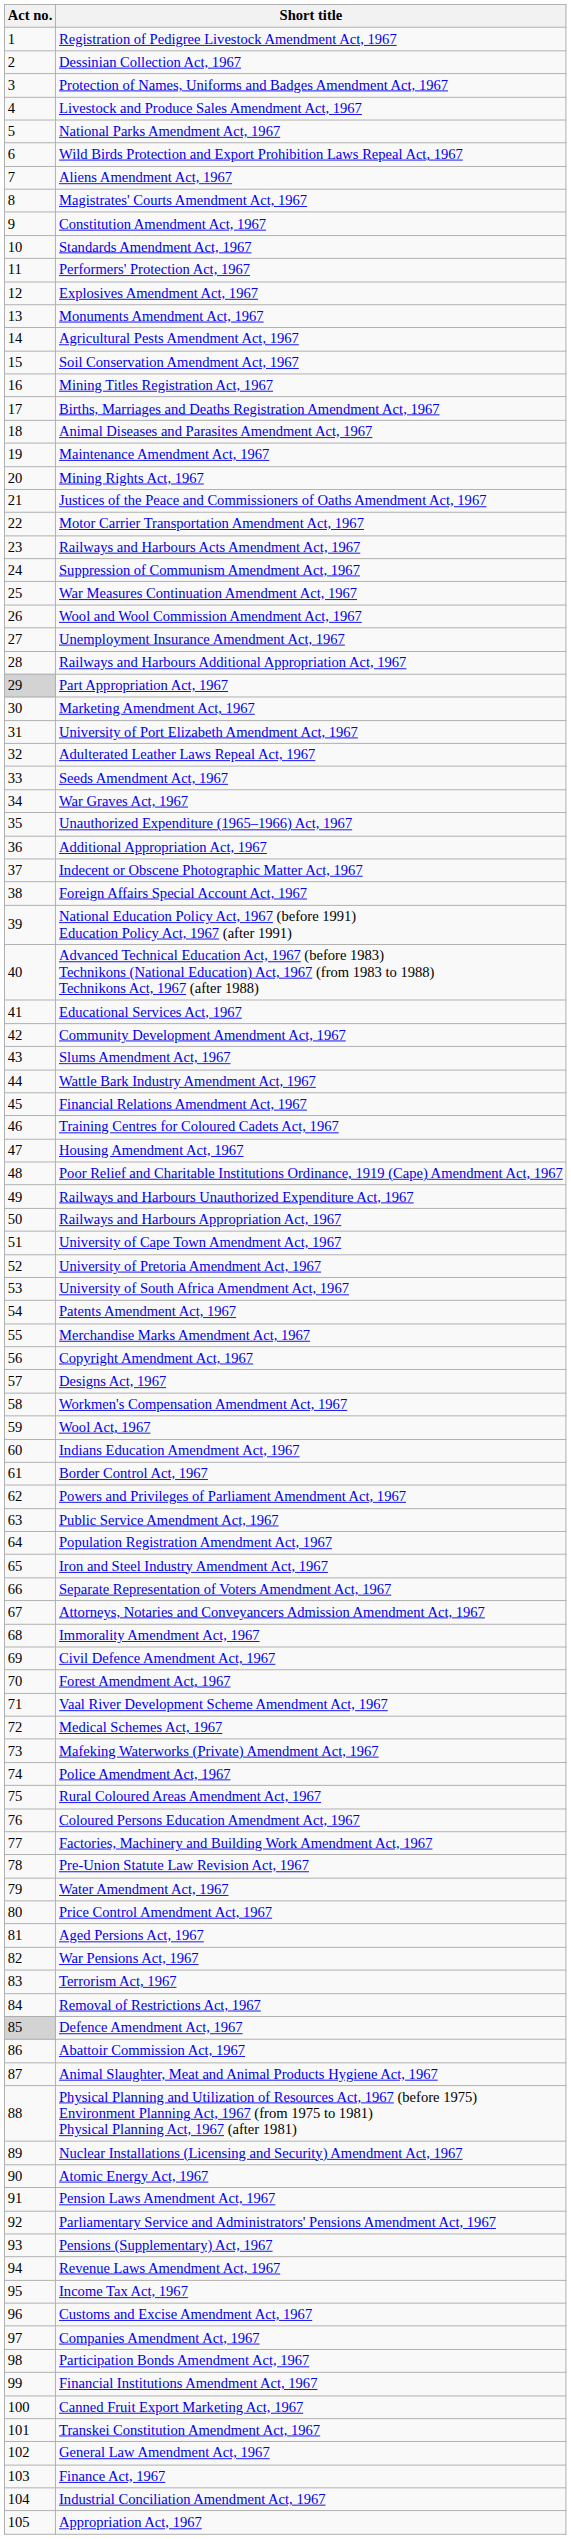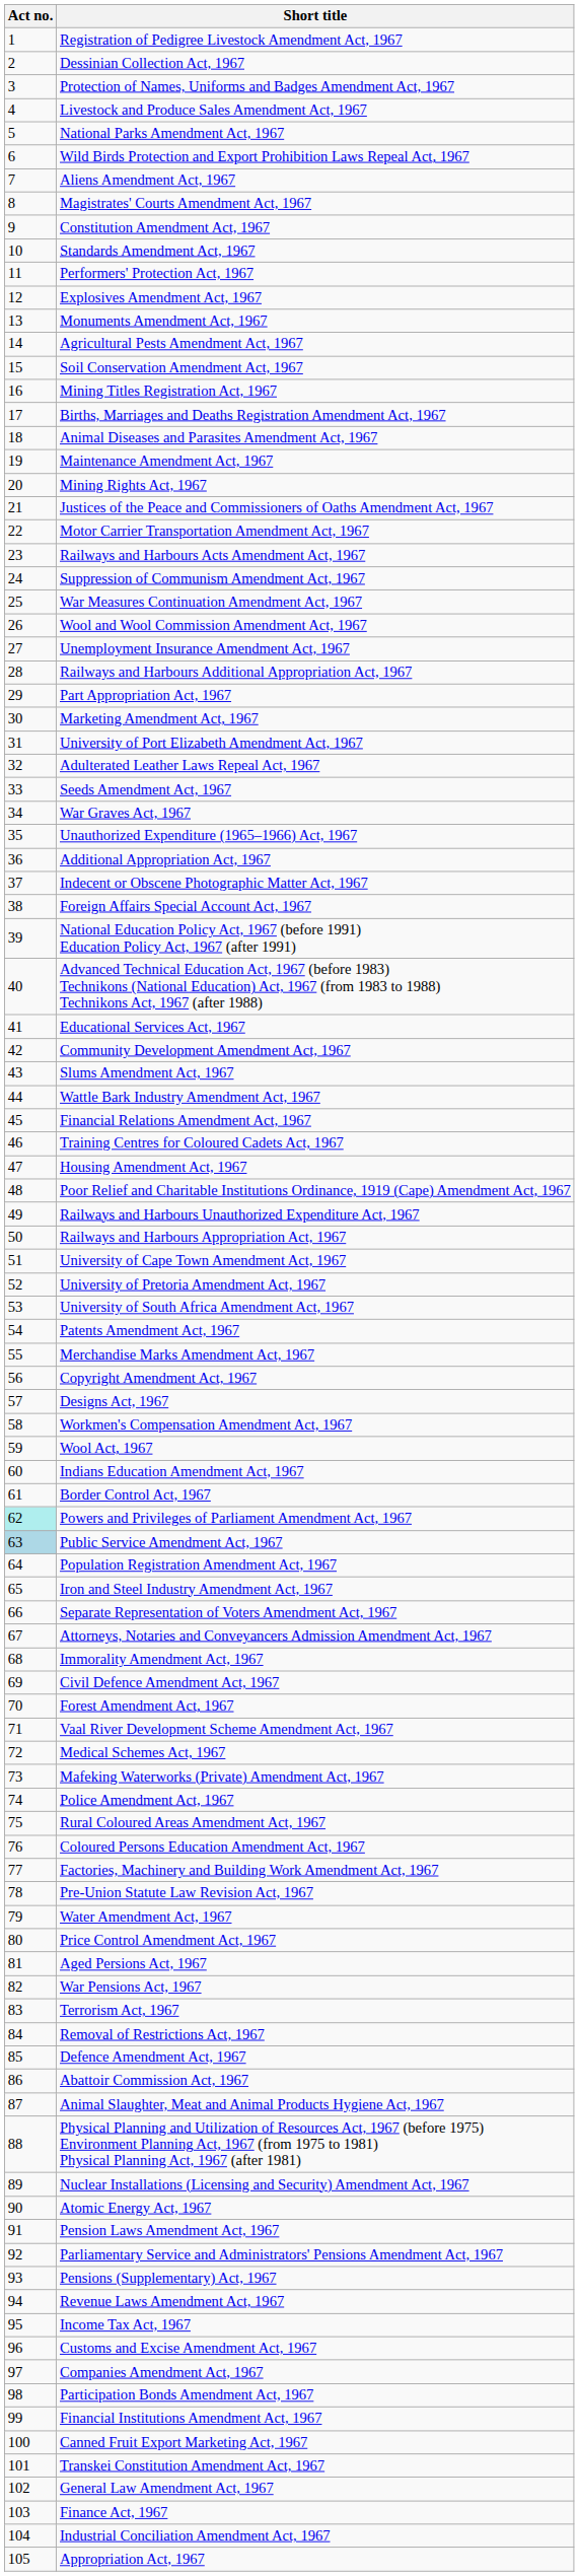 <table class="wikitable sortable">
 <tr>
 <th>Act no.</th>
 <th>Short title</th>
 </tr>
 <tr>
 <td>1</td>
 <td><a href='#'>Registration of Pedigree Livestock Amendment Act, 1967</a></td>
 </tr>
 <tr>
 <td>2</td>
 <td><a href='#'>Dessinian Collection Act, 1967</a></td>
 </tr>
 <tr>
 <td>3</td>
 <td><a href='#'>Protection of Names, Uniforms and Badges Amendment Act, 1967</a></td>
 </tr>
 <tr>
 <td>4</td>
 <td><a href='#'>Livestock and Produce Sales Amendment Act, 1967</a></td>
 </tr>
 <tr>
 <td>5</td>
 <td><a href='#'>National Parks Amendment Act, 1967</a></td>
 </tr>
 <tr>
 <td>6</td>
 <td><a href='#'>Wild Birds Protection and Export Prohibition Laws Repeal Act, 1967</a></td>
 </tr>
 <tr>
 <td>7</td>
 <td><a href='#'>Aliens Amendment Act, 1967</a></td>
 </tr>
 <tr>
 <td>8</td>
 <td><a href='#'>Magistrates' Courts Amendment Act, 1967</a></td>
 </tr>
 <tr>
 <td>9</td>
 <td><a href='#'>Constitution Amendment Act, 1967</a></td>
 </tr>
 <tr>
 <td>10</td>
 <td><a href='#'>Standards Amendment Act, 1967</a></td>
 </tr>
 <tr>
 <td>11</td>
 <td><a href='#'>Performers' Protection Act, 1967</a></td>
 </tr>
 <tr>
 <td>12</td>
 <td><a href='#'>Explosives Amendment Act, 1967</a></td>
 </tr>
 <tr>
 <td>13</td>
 <td><a href='#'>Monuments Amendment Act, 1967</a></td>
 </tr>
 <tr>
 <td>14</td>
 <td><a href='#'>Agricultural Pests Amendment Act, 1967</a></td>
 </tr>
 <tr>
 <td>15</td>
 <td><a href='#'>Soil Conservation Amendment Act, 1967</a></td>
 </tr>
 <tr>
 <td>16</td>
 <td><a href='#'>Mining Titles Registration Act, 1967</a></td>
 </tr>
 <tr>
 <td>17</td>
 <td><a href='#'>Births, Marriages and Deaths Registration Amendment Act, 1967</a></td>
 </tr>
 <tr>
 <td>18</td>
 <td><a href='#'>Animal Diseases and Parasites Amendment Act, 1967</a></td>
 </tr>
 <tr>
 <td>19</td>
 <td><a href='#'>Maintenance Amendment Act, 1967</a></td>
 </tr>
 <tr>
 <td>20</td>
 <td><a href='#'>Mining Rights Act, 1967</a></td>
 </tr>
 <tr>
 <td>21</td>
 <td><a href='#'>Justices of the Peace and Commissioners of Oaths Amendment Act, 1967</a></td>
 </tr>
 <tr>
 <td>22</td>
 <td><a href='#'>Motor Carrier Transportation Amendment Act, 1967</a></td>
 </tr>
 <tr>
 <td>23</td>
 <td><a href='#'>Railways and Harbours Acts Amendment Act, 1967</a></td>
 </tr>
 <tr>
 <td>24</td>
 <td><a href='#'>Suppression of Communism Amendment Act, 1967</a></td>
 </tr>
 <tr>
 <td>25</td>
 <td><a href='#'>War Measures Continuation Amendment Act, 1967</a></td>
 </tr>
 <tr>
 <td>26</td>
 <td><a href='#'>Wool and Wool Commission Amendment Act, 1967</a></td>
 </tr>
 <tr>
 <td>27</td>
 <td><a href='#'>Unemployment Insurance Amendment Act, 1967</a></td>
 </tr>
 <tr>
 <td>28</td>
 <td><a href='#'>Railways and Harbours Additional Appropriation Act, 1967</a></td>
 </tr>
 <tr>
-<td style="background: lightgrey;">29</td>
+<td>29</td>
 <td><a href='#'>Part Appropriation Act, 1967</a></td>
 </tr>
 <tr>
 <td>30</td>
 <td><a href='#'>Marketing Amendment Act, 1967</a></td>
 </tr>
 <tr>
 <td>31</td>
 <td><a href='#'>University of Port Elizabeth Amendment Act, 1967</a></td>
 </tr>
 <tr>
 <td>32</td>
 <td><a href='#'>Adulterated Leather Laws Repeal Act, 1967</a></td>
 </tr>
 <tr>
 <td>33</td>
 <td><a href='#'>Seeds Amendment Act, 1967</a></td>
 </tr>
 <tr>
 <td>34</td>
 <td><a href='#'>War Graves Act, 1967</a></td>
 </tr>
 <tr>
 <td>35</td>
 <td><a href='#'>Unauthorized Expenditure (1965–1966) Act, 1967</a></td>
 </tr>
 <tr>
 <td>36</td>
 <td><a href='#'>Additional Appropriation Act, 1967</a></td>
 </tr>
 <tr>
 <td>37</td>
 <td><a href='#'>Indecent or Obscene Photographic Matter Act, 1967</a></td>
 </tr>
 <tr>
 <td>38</td>
 <td><a href='#'>Foreign Affairs Special Account Act, 1967</a></td>
 </tr>
 <tr>
 <td>39</td>
 <td><a href='#'>National Education Policy Act, 1967</a> (before 1991) <br><a href='#'>Education Policy Act, 1967</a> (after 1991)</td>
 </tr>
 <tr>
 <td>40</td>
 <td><a href='#'>Advanced Technical Education Act, 1967</a> (before 1983) <br><a href='#'>Technikons (National Education) Act, 1967</a> (from 1983 to 1988) <br><a href='#'>Technikons Act, 1967</a> (after 1988)</td>
 </tr>
 <tr>
 <td>41</td>
 <td><a href='#'>Educational Services Act, 1967</a></td>
 </tr>
 <tr>
 <td>42</td>
 <td><a href='#'>Community Development Amendment Act, 1967</a></td>
 </tr>
 <tr>
 <td>43</td>
 <td><a href='#'>Slums Amendment Act, 1967</a></td>
 </tr>
 <tr>
 <td>44</td>
 <td><a href='#'>Wattle Bark Industry Amendment Act, 1967</a></td>
 </tr>
 <tr>
 <td>45</td>
 <td><a href='#'>Financial Relations Amendment Act, 1967</a></td>
 </tr>
 <tr>
 <td>46</td>
 <td><a href='#'>Training Centres for Coloured Cadets Act, 1967</a></td>
 </tr>
 <tr>
 <td>47</td>
 <td><a href='#'>Housing Amendment Act, 1967</a></td>
 </tr>
 <tr>
 <td>48</td>
 <td><a href='#'>Poor Relief and Charitable Institutions Ordinance, 1919 (Cape) Amendment Act, 1967</a></td>
 </tr>
 <tr>
 <td>49</td>
 <td><a href='#'>Railways and Harbours Unauthorized Expenditure Act, 1967</a></td>
 </tr>
 <tr>
 <td>50</td>
 <td><a href='#'>Railways and Harbours Appropriation Act, 1967</a></td>
 </tr>
 <tr>
 <td>51</td>
 <td><a href='#'>University of Cape Town Amendment Act, 1967</a></td>
 </tr>
 <tr>
 <td>52</td>
 <td><a href='#'>University of Pretoria Amendment Act, 1967</a></td>
 </tr>
 <tr>
 <td>53</td>
 <td><a href='#'>University of South Africa Amendment Act, 1967</a></td>
 </tr>
 <tr>
 <td>54</td>
 <td><a href='#'>Patents Amendment Act, 1967</a></td>
 </tr>
 <tr>
 <td>55</td>
 <td><a href='#'>Merchandise Marks Amendment Act, 1967</a></td>
 </tr>
 <tr>
 <td>56</td>
 <td><a href='#'>Copyright Amendment Act, 1967</a></td>
 </tr>
 <tr>
 <td>57</td>
 <td><a href='#'>Designs Act, 1967</a></td>
 </tr>
 <tr>
 <td>58</td>
 <td><a href='#'>Workmen's Compensation Amendment Act, 1967</a></td>
 </tr>
 <tr>
 <td>59</td>
 <td><a href='#'>Wool Act, 1967</a></td>
 </tr>
 <tr>
 <td>60</td>
 <td><a href='#'>Indians Education Amendment Act, 1967</a></td>
 </tr>
 <tr>
 <td>61</td>
 <td><a href='#'>Border Control Act, 1967</a></td>
 </tr>
 <tr>
-<td>62</td>
+<td style="background: paleturquoise;">62</td>
 <td><a href='#'>Powers and Privileges of Parliament Amendment Act, 1967</a></td>
 </tr>
 <tr>
-<td>63</td>
+<td style="background: lightblue;">63</td>
 <td><a href='#'>Public Service Amendment Act, 1967</a></td>
 </tr>
 <tr>
 <td>64</td>
 <td><a href='#'>Population Registration Amendment Act, 1967</a></td>
 </tr>
 <tr>
 <td>65</td>
 <td><a href='#'>Iron and Steel Industry Amendment Act, 1967</a></td>
 </tr>
 <tr>
 <td>66</td>
 <td><a href='#'>Separate Representation of Voters Amendment Act, 1967</a></td>
 </tr>
 <tr>
 <td>67</td>
 <td><a href='#'>Attorneys, Notaries and Conveyancers Admission Amendment Act, 1967</a></td>
 </tr>
 <tr>
 <td>68</td>
 <td><a href='#'>Immorality Amendment Act, 1967</a></td>
 </tr>
 <tr>
 <td>69</td>
 <td><a href='#'>Civil Defence Amendment Act, 1967</a></td>
 </tr>
 <tr>
 <td>70</td>
 <td><a href='#'>Forest Amendment Act, 1967</a></td>
 </tr>
 <tr>
 <td>71</td>
 <td><a href='#'>Vaal River Development Scheme Amendment Act, 1967</a></td>
 </tr>
 <tr>
 <td>72</td>
 <td><a href='#'>Medical Schemes Act, 1967</a></td>
 </tr>
 <tr>
 <td>73</td>
 <td><a href='#'>Mafeking Waterworks (Private) Amendment Act, 1967</a></td>
 </tr>
 <tr>
 <td>74</td>
 <td><a href='#'>Police Amendment Act, 1967</a></td>
 </tr>
 <tr>
 <td>75</td>
 <td><a href='#'>Rural Coloured Areas Amendment Act, 1967</a></td>
 </tr>
 <tr>
 <td>76</td>
 <td><a href='#'>Coloured Persons Education Amendment Act, 1967</a></td>
 </tr>
 <tr>
 <td>77</td>
 <td><a href='#'>Factories, Machinery and Building Work Amendment Act, 1967</a></td>
 </tr>
 <tr>
 <td>78</td>
 <td><a href='#'>Pre-Union Statute Law Revision Act, 1967</a></td>
 </tr>
 <tr>
 <td>79</td>
 <td><a href='#'>Water Amendment Act, 1967</a></td>
 </tr>
 <tr>
 <td>80</td>
 <td><a href='#'>Price Control Amendment Act, 1967</a></td>
 </tr>
 <tr>
 <td>81</td>
 <td><a href='#'>Aged Persions Act, 1967</a></td>
 </tr>
 <tr>
 <td>82</td>
 <td><a href='#'>War Pensions Act, 1967</a></td>
 </tr>
 <tr>
 <td>83</td>
 <td><a href='#'>Terrorism Act, 1967</a></td>
 </tr>
 <tr>
 <td>84</td>
 <td><a href='#'>Removal of Restrictions Act, 1967</a></td>
 </tr>
 <tr>
-<td style="background: lightgrey;">85</td>
+<td>85</td>
 <td><a href='#'>Defence Amendment Act, 1967</a></td>
 </tr>
 <tr>
 <td>86</td>
 <td><a href='#'>Abattoir Commission Act, 1967</a></td>
 </tr>
 <tr>
 <td>87</td>
 <td><a href='#'>Animal Slaughter, Meat and Animal Products Hygiene Act, 1967</a></td>
 </tr>
 <tr>
 <td>88</td>
 <td><a href='#'>Physical Planning and Utilization of Resources Act, 1967</a> (before 1975) <br><a href='#'>Environment Planning Act, 1967</a> (from 1975 to 1981) <br><a href='#'>Physical Planning Act, 1967</a> (after 1981)</td>
 </tr>
 <tr>
 <td>89</td>
 <td><a href='#'>Nuclear Installations (Licensing and Security) Amendment Act, 1967</a></td>
 </tr>
 <tr>
 <td>90</td>
 <td><a href='#'>Atomic Energy Act, 1967</a></td>
 </tr>
 <tr>
 <td>91</td>
 <td><a href='#'>Pension Laws Amendment Act, 1967</a></td>
 </tr>
 <tr>
 <td>92</td>
 <td><a href='#'>Parliamentary Service and Administrators' Pensions Amendment Act, 1967</a></td>
 </tr>
 <tr>
 <td>93</td>
 <td><a href='#'>Pensions (Supplementary) Act, 1967</a></td>
 </tr>
 <tr>
 <td>94</td>
 <td><a href='#'>Revenue Laws Amendment Act, 1967</a></td>
 </tr>
 <tr>
 <td>95</td>
 <td><a href='#'>Income Tax Act, 1967</a></td>
 </tr>
 <tr>
 <td>96</td>
 <td><a href='#'>Customs and Excise Amendment Act, 1967</a></td>
 </tr>
 <tr>
 <td>97</td>
 <td><a href='#'>Companies Amendment Act, 1967</a></td>
 </tr>
 <tr>
 <td>98</td>
 <td><a href='#'>Participation Bonds Amendment Act, 1967</a></td>
 </tr>
 <tr>
 <td>99</td>
 <td><a href='#'>Financial Institutions Amendment Act, 1967</a></td>
 </tr>
 <tr>
 <td>100</td>
 <td><a href='#'>Canned Fruit Export Marketing Act, 1967</a></td>
 </tr>
 <tr>
 <td>101</td>
 <td><a href='#'>Transkei Constitution Amendment Act, 1967</a></td>
 </tr>
 <tr>
 <td>102</td>
 <td><a href='#'>General Law Amendment Act, 1967</a></td>
 </tr>
 <tr>
 <td>103</td>
 <td><a href='#'>Finance Act, 1967</a></td>
 </tr>
 <tr>
 <td>104</td>
 <td><a href='#'>Industrial Conciliation Amendment Act, 1967</a></td>
 </tr>
 <tr>
 <td>105</td>
 <td><a href='#'>Appropriation Act, 1967</a></td>
 </tr>
 </table>
